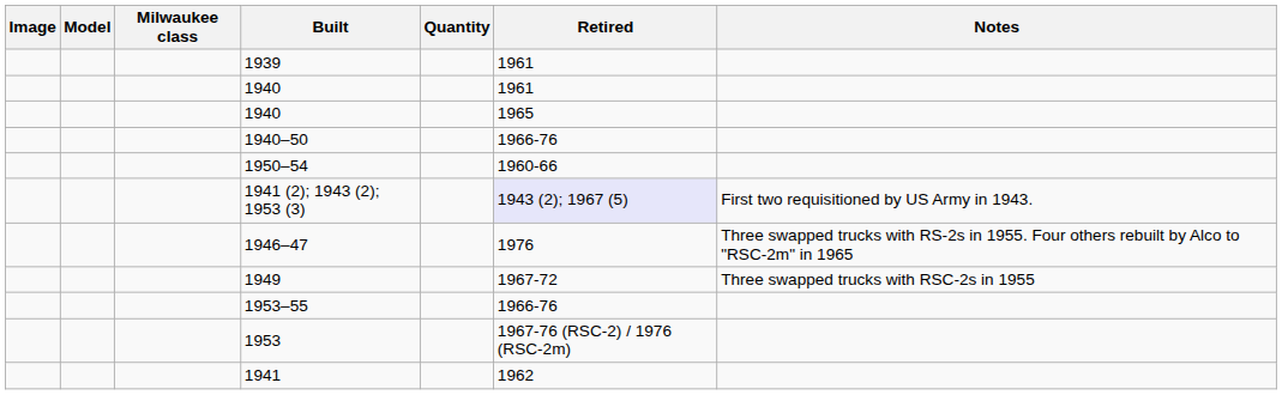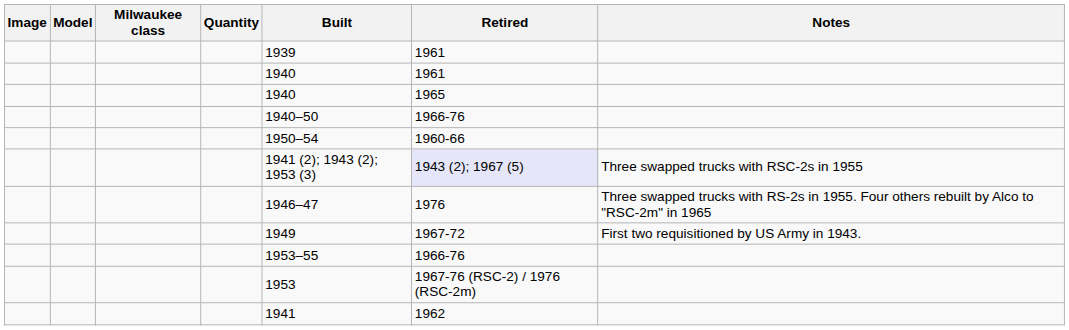 <table class="wikitable sortable">
 <tr>
 <th>Image</th>
 <th>Model</th>
 <th>Milwaukee class</th>
+<th>Quantity</th>
 <th>Built</th>
-<th>Quantity</th>
 <th>Retired</th>
 <th>Notes</th>
 </tr>
 <tr>
 <td></td>
 <td></td>
 <td></td>
+<td></td>
 <td>1939</td>
-<td></td>
 <td>1961</td>
 <td></td>
 </tr>
 <tr>
 <td></td>
 <td></td>
 <td></td>
+<td></td>
 <td>1940</td>
-<td></td>
 <td>1961</td>
 <td></td>
 </tr>
 <tr>
 <td></td>
 <td></td>
 <td></td>
+<td></td>
 <td>1940</td>
-<td></td>
 <td>1965</td>
 <td></td>
 </tr>
 <tr>
 <td></td>
 <td></td>
 <td></td>
+<td></td>
 <td>1940–50</td>
-<td></td>
 <td>1966-76</td>
 <td></td>
 </tr>
 <tr>
 <td></td>
 <td></td>
 <td></td>
+<td></td>
 <td>1950–54</td>
-<td></td>
 <td>1960-66</td>
 <td></td>
 </tr>
 <tr>
 <td></td>
 <td></td>
 <td></td>
+<td></td>
 <td>1941 (2); 1943 (2); 1953 (3)</td>
-<td></td>
 <td style="background: lavender;">1943 (2); 1967 (5)</td>
-<td>First two requisitioned by US Army in 1943.</td>
+<td>Three swapped trucks with RSC-2s in 1955</td>
 </tr>
 <tr>
 <td></td>
 <td></td>
 <td></td>
+<td></td>
 <td>1946–47</td>
-<td></td>
 <td>1976</td>
 <td>Three swapped trucks with RS-2s in 1955. Four others rebuilt by Alco to "RSC-2m" in 1965</td>
 </tr>
 <tr>
 <td></td>
 <td></td>
 <td></td>
+<td></td>
 <td>1949</td>
-<td></td>
 <td>1967-72</td>
-<td>Three swapped trucks with RSC-2s in 1955</td>
+<td>First two requisitioned by US Army in 1943.</td>
 </tr>
 <tr>
 <td></td>
 <td></td>
 <td></td>
+<td></td>
 <td>1953–55</td>
-<td></td>
 <td>1966-76</td>
 <td></td>
 </tr>
 <tr>
 <td></td>
 <td></td>
 <td></td>
+<td></td>
 <td>1953</td>
-<td></td>
 <td>1967-76 (RSC-2) / 1976 (RSC-2m)</td>
 <td></td>
 </tr>
 <tr>
 <td></td>
 <td></td>
 <td></td>
+<td></td>
 <td>1941</td>
-<td></td>
 <td>1962</td>
 <td></td>
 </tr>
 </table>
